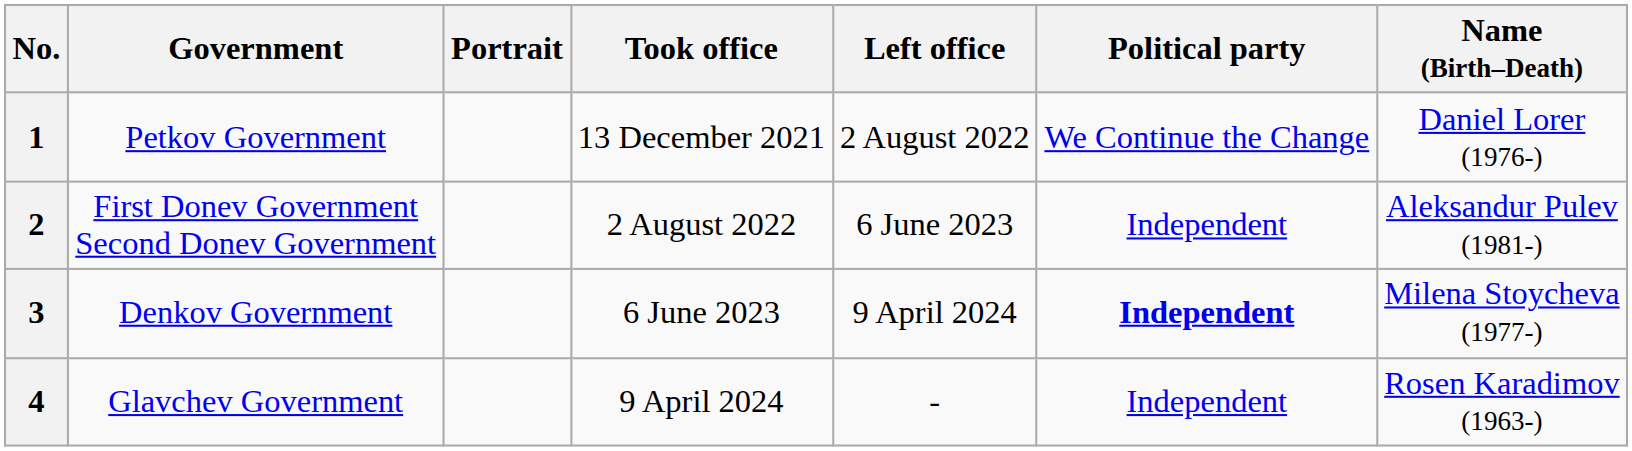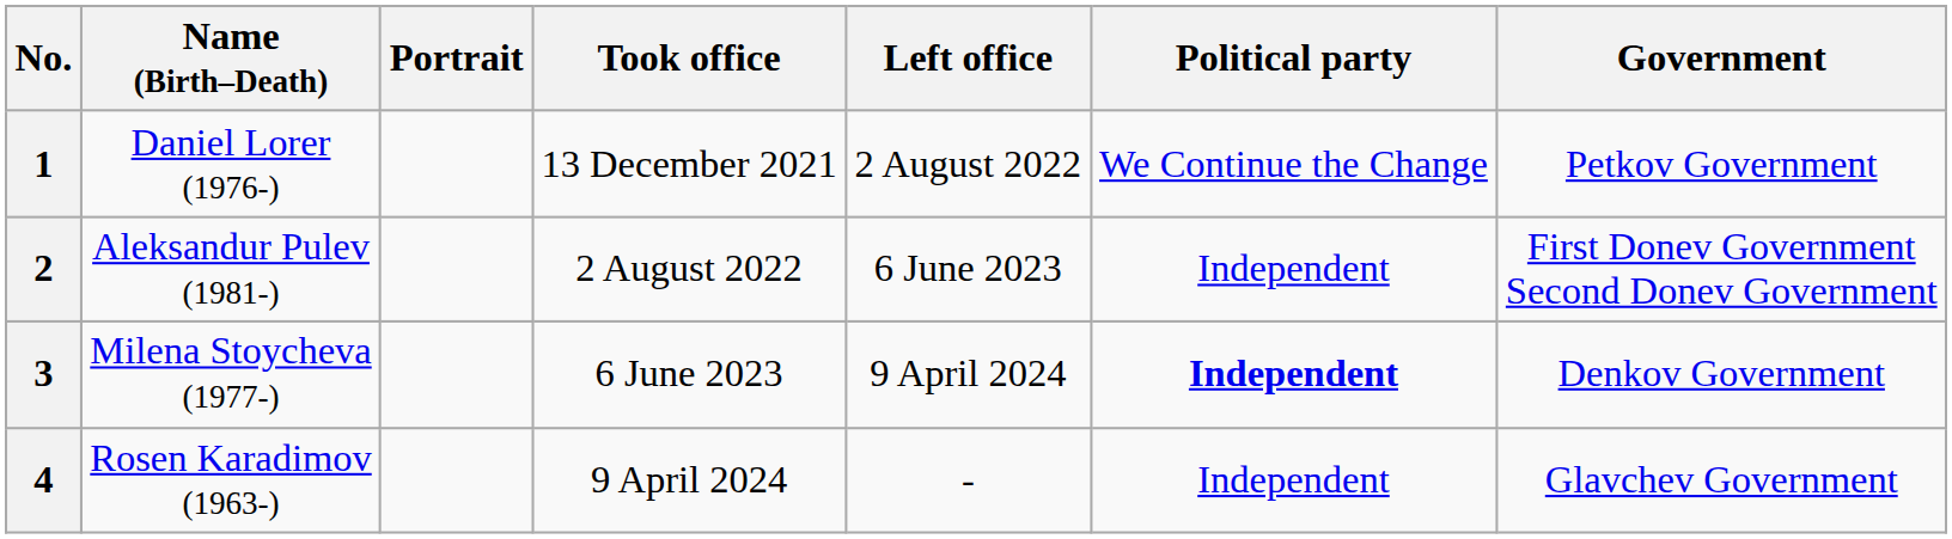 <table class="wikitable" style="text-align:center">
 <tr>
 <th>No.</th>
-<th>Government</th>
+<th>Name<br><small>(Birth–Death)</small></th>
 <th>Portrait</th>
 <th>Took office</th>
 <th>Left office</th>
 <th>Political party</th>
-<th>Name<br><small>(Birth–Death)</small></th>
+<th>Government</th>
 </tr>
 <tr>
 <th style="background:">1</th>
-<td><a href='#'>Petkov Government</a></td>
+<td><a href='#'>Daniel Lorer</a><br><small>(1976-)</small></td>
 <td></td>
 <td>13 December 2021</td>
 <td>2 August 2022</td>
 <td><a href='#'>We Continue the Change</a></td>
-<td><a href='#'>Daniel Lorer</a><br><small>(1976-)</small></td>
+<td><a href='#'>Petkov Government</a></td>
 </tr>
 <tr>
 <th style="background:">2</th>
-<td><a href='#'>First Donev Government</a><br><a href='#'>Second Donev Government</a></td>
+<td><a href='#'>Aleksandur Pulev</a><br><small>(1981-)</small></td>
 <td></td>
 <td>2 August 2022</td>
 <td>6 June 2023</td>
 <td><a href='#'>Independent</a></td>
-<td><a href='#'>Aleksandur Pulev</a><br><small>(1981-)</small></td>
+<td><a href='#'>First Donev Government</a><br><a href='#'>Second Donev Government</a></td>
 </tr>
 <tr>
 <th style="background:">3</th>
-<td><a href='#'>Denkov Government</a></td>
+<td><a href='#'>Milena Stoycheva</a><br><small>(1977-)</small></td>
 <td></td>
 <td>6 June 2023</td>
 <td>9 April 2024</td>
 <td><strong><a href='#'>Independent</a></strong></td>
-<td><a href='#'>Milena Stoycheva</a><br><small>(1977-)</small></td>
+<td><a href='#'>Denkov Government</a></td>
 </tr>
 <tr>
 <th style="background:">4</th>
-<td><a href='#'>Glavchev Government</a></td>
+<td><a href='#'>Rosen Karadimov</a><br><small>(1963-)</small></td>
 <td></td>
 <td>9 April 2024</td>
 <td>-</td>
 <td><a href='#'>Independent</a></td>
-<td><a href='#'>Rosen Karadimov</a><br><small>(1963-)</small></td>
+<td><a href='#'>Glavchev Government</a></td>
 </tr>
 </table>
